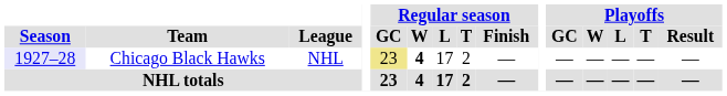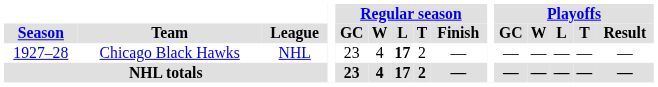 <table BORDER="0" CELLPADDING="1" CELLSPACING="0" width="75%" style="text-align:center">
 <tr bgcolor="#e0e0e0">
 <th colspan="3" bgcolor="#ffffff"> </th>
 <th rowspan="99" bgcolor="#ffffff"> </th>
 <th colspan="5"><a href='#'>Regular season</a></th>
 <th rowspan="99" bgcolor="#ffffff"> </th>
 <th colspan="5"><a href='#'>Playoffs</a></th>
 </tr>
 <tr bgcolor="#e0e0e0">
 <th><a href='#'>Season</a></th>
 <th>Team</th>
 <th>League</th>
 <th>GC</th>
 <th>W</th>
 <th>L</th>
 <th>T</th>
 <th>Finish</th>
 <th>GC</th>
 <th>W</th>
 <th>L</th>
 <th>T</th>
 <th>Result</th>
 </tr>
 <tr>
-<td style="background: lavender;"><a href='#'>1927–28</a></td>
+<td><a href='#'>1927–28</a></td>
 <td><a href='#'>Chicago Black Hawks</a></td>
 <td><a href='#'>NHL</a></td>
-<td style="background: khaki;">23</td>
-<td><strong>4</strong></td>
-<td>17</td>
+<td>23</td>
+<td>4</td>
+<td><strong>17</strong></td>
 <td>2</td>
 <td>—</td>
 <td>—</td>
 <td>—</td>
 <td>—</td>
 <td>—</td>
 <td>—</td>
 </tr>
 <tr bgcolor="#e0e0e0">
 <th colspan="3">NHL totals</th>
 <th>23</th>
 <th>4</th>
 <th>17</th>
 <th>2</th>
 <th>—</th>
 <th>—</th>
 <th>—</th>
 <th>—</th>
 <th>—</th>
 <th>—</th>
 </tr>
 </table>
